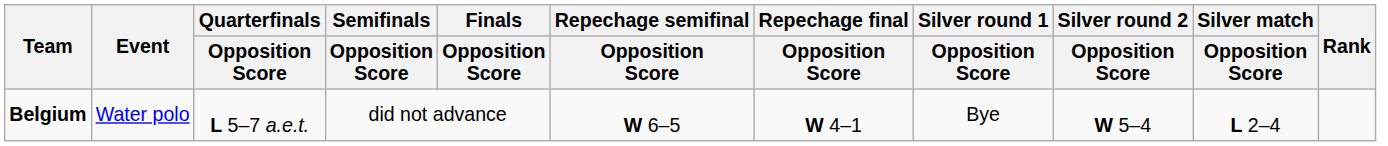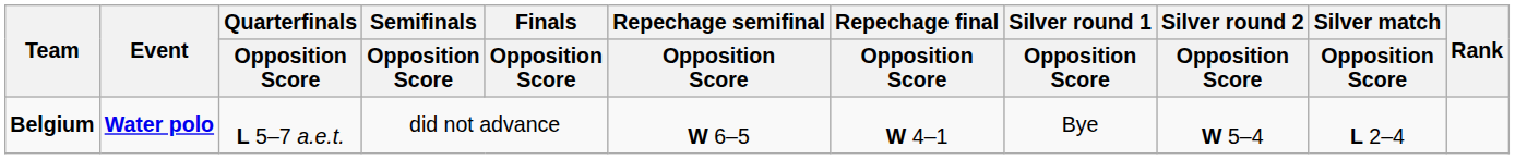 <table class=wikitable style="font-size:90%">
 <tr>
 <th rowspan="2">Team</th>
 <th rowspan="2">Event</th>
 <th>Quarterfinals</th>
 <th>Semifinals</th>
 <th>Finals</th>
 <th>Repechage semifinal</th>
 <th>Repechage final</th>
 <th>Silver round 1</th>
 <th>Silver round 2</th>
 <th>Silver match</th>
 <th rowspan=2>Rank</th>
 </tr>
 <tr>
 <th>Opposition<br>Score</th>
 <th>Opposition<br>Score</th>
 <th>Opposition<br>Score</th>
 <th>Opposition<br>Score</th>
 <th>Opposition<br>Score</th>
 <th>Opposition<br>Score</th>
 <th>Opposition<br>Score</th>
 <th>Opposition<br>Score</th>
 </tr>
 <tr>
 <td><strong>Belgium</strong></td>
-<td><a href='#'>Water polo</a></td>
+<td><strong><a href='#'>Water polo</a></strong></td>
 <td align=center> <br> <strong>L</strong> 5–7 <em>a.e.t.</em></td>
 <td align=center colspan=2>did not advance</td>
 <td align=center> <br> <strong>W</strong> 6–5</td>
 <td align=center> <br> <strong>W</strong> 4–1</td>
 <td align=center>Bye</td>
 <td align=center> <br> <strong>W</strong> 5–4</td>
 <td align=center> <br> <strong>L</strong> 2–4</td>
 <td align=center></td>
 </tr>
 </table>
